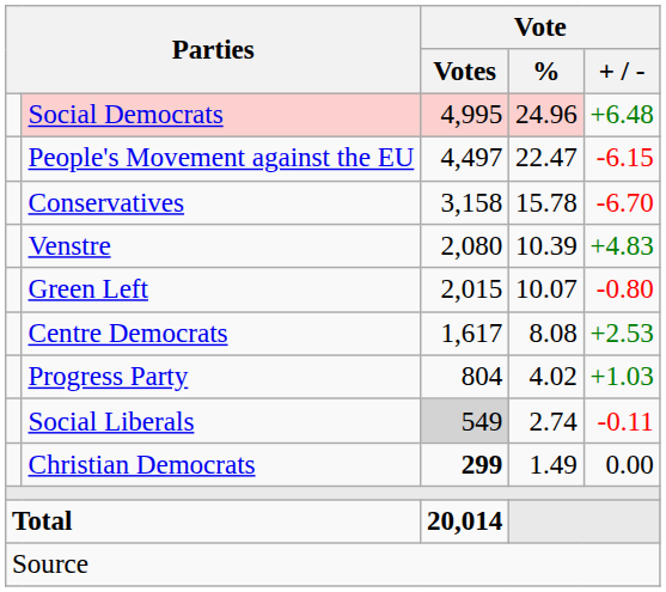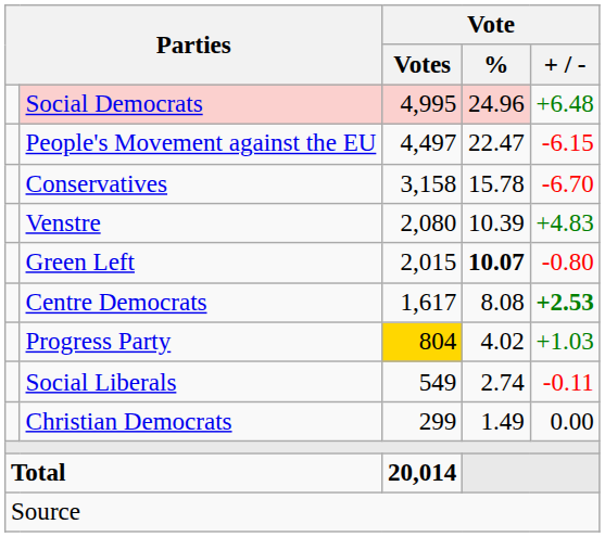 <table class="wikitable" style="text-align:right;">
 <tr>
 <th style="text-align:centre;" rowspan="2" colspan="2" width="225">Parties</th>
 <th colspan="3">Vote</th>
 </tr>
 <tr>
 <th width="15">Votes</th>
 <th width="15">%</th>
 <th width="15">+ / -</th>
 </tr>
 <tr>
 <td width="2" style="color:inherit;background:"></td>
 <td bgcolor=#fbd0ce   align="left"><a href='#'>Social Democrats</a></td>
 <td bgcolor=#fbd0ce>4,995</td>
 <td bgcolor=#fbd0ce>24.96</td>
 <td style=color:green;>+6.48</td>
 </tr>
 <tr>
 <td width="2" style="color:inherit;background:"></td>
 <td align="left"><a href='#'>People's Movement against the EU</a></td>
 <td>4,497</td>
 <td>22.47</td>
 <td style=color:red;>-6.15</td>
 </tr>
 <tr>
 <td width="2" style="color:inherit;background:"></td>
 <td align="left"><a href='#'>Conservatives</a></td>
 <td>3,158</td>
 <td>15.78</td>
 <td style=color:red;>-6.70</td>
 </tr>
 <tr>
 <td width="2" style="color:inherit;background:"></td>
 <td align="left"><a href='#'>Venstre</a></td>
 <td>2,080</td>
 <td>10.39</td>
 <td style=color:green;>+4.83</td>
 </tr>
 <tr>
 <td width="2" style="color:inherit;background:"></td>
 <td align="left"><a href='#'>Green Left</a></td>
 <td>2,015</td>
-<td>10.07</td>
+<td><strong>10.07</strong></td>
 <td style=color:red;>-0.80</td>
 </tr>
 <tr>
 <td width="2" style="color:inherit;background:"></td>
 <td align="left"><a href='#'>Centre Democrats</a></td>
 <td>1,617</td>
 <td>8.08</td>
-<td style=color:green;>+2.53</td>
+<td style=color:green;><strong>+2.53</strong></td>
 </tr>
 <tr>
 <td width="2" style="color:inherit;background:"></td>
 <td align="left"><a href='#'>Progress Party</a></td>
-<td>804</td>
+<td style="background: gold;">804</td>
 <td>4.02</td>
 <td style=color:green;>+1.03</td>
 </tr>
 <tr>
 <td width="2" style="color:inherit;background:"></td>
 <td align="left"><a href='#'>Social Liberals</a></td>
-<td style="background: lightgrey;">549</td>
+<td>549</td>
 <td>2.74</td>
 <td style=color:red;>-0.11</td>
 </tr>
 <tr>
 <td width="2" style="color:inherit;background:"></td>
 <td align="left"><a href='#'>Christian Democrats</a></td>
-<td><strong>299</strong></td>
+<td>299</td>
 <td>1.49</td>
 <td>0.00</td>
 </tr>
 <tr>
 <td colspan="7" bgcolor="#E9E9E9"></td>
 </tr>
 <tr>
 <td align="left" colspan="2"><strong>Total</strong></td>
 <td><strong>20,014</strong></td>
 <td bgcolor="#E9E9E9" colspan="2"></td>
 </tr>
 <tr>
 <td align="left" colspan="6">Source</td>
 </tr>
 </table>
